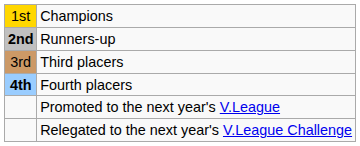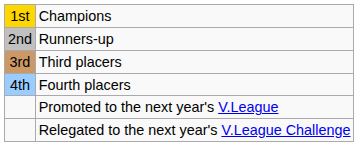 <table class="wikitable" style="font-size:90%;">
 <tr>
 <td align=center style="background-color:gold">1st</td>
 <td>Champions</td>
 </tr>
 <tr>
-<td align=center style="background-color:silver"><strong>2nd</strong></td>
+<td align=center style="background-color:silver">2nd</td>
 <td>Runners-up</td>
 </tr>
 <tr>
 <td align=center style="background-color:#cc9966">3rd</td>
 <td>Third placers</td>
 </tr>
 <tr>
-<td align=center style="background-color:#9acdff"><strong>4th</strong></td>
+<td align=center style="background-color:#9acdff">4th</td>
 <td>Fourth placers</td>
 </tr>
 <tr>
 <td align=center></td>
 <td>Promoted to the next year's <a href='#'>V.League</a></td>
 </tr>
 <tr>
 <td align=center></td>
 <td>Relegated to the next year's <a href='#'>V.League Challenge</a></td>
 </tr>
 </table>
